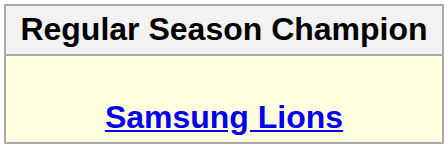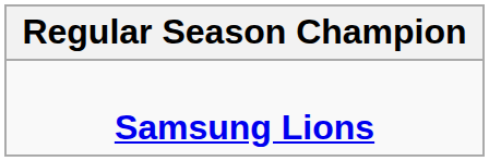 <table width="220" class="wikitable">
 <tr>
 <th><strong>Regular Season Champion</strong></th>
 </tr>
 <tr align="center">
-<td style="background: lightyellow;"><br><strong><a href='#'>Samsung Lions</a></strong></td>
+<td><br><strong><a href='#'>Samsung Lions</a></strong></td>
 </tr>
 </table>
